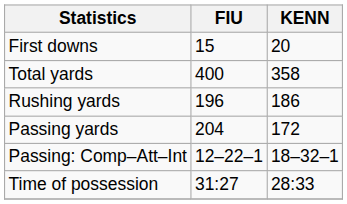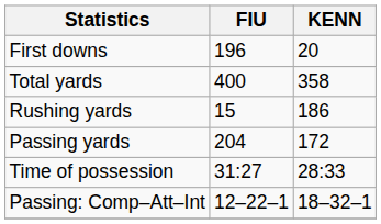 <table class="wikitable" style="float: left;">
 <tr>
 <th>Statistics</th>
 <th>FIU</th>
 <th>KENN</th>
 </tr>
 <tr>
 <td>First downs</td>
-<td>15</td>
+<td>196</td>
 <td>20</td>
 </tr>
 <tr>
 <td>Total yards</td>
 <td>400</td>
 <td>358</td>
 </tr>
 <tr>
 <td>Rushing yards</td>
-<td>196</td>
+<td>15</td>
 <td>186</td>
 </tr>
 <tr>
 <td>Passing yards</td>
 <td>204</td>
 <td>172</td>
 </tr>
 <tr>
+<td>Time of possession</td>
+<td>31:27</td>
+<td>28:33</td>
+</tr>
+<tr>
 <td>Passing: Comp–Att–Int</td>
 <td>12–22–1</td>
 <td>18–32–1</td>
 </tr>
 <tr>
-<td>Time of possession</td>
-<td>31:27</td>
-<td>28:33</td>
-</tr>
-<tr>
 </tr>
 </table>
